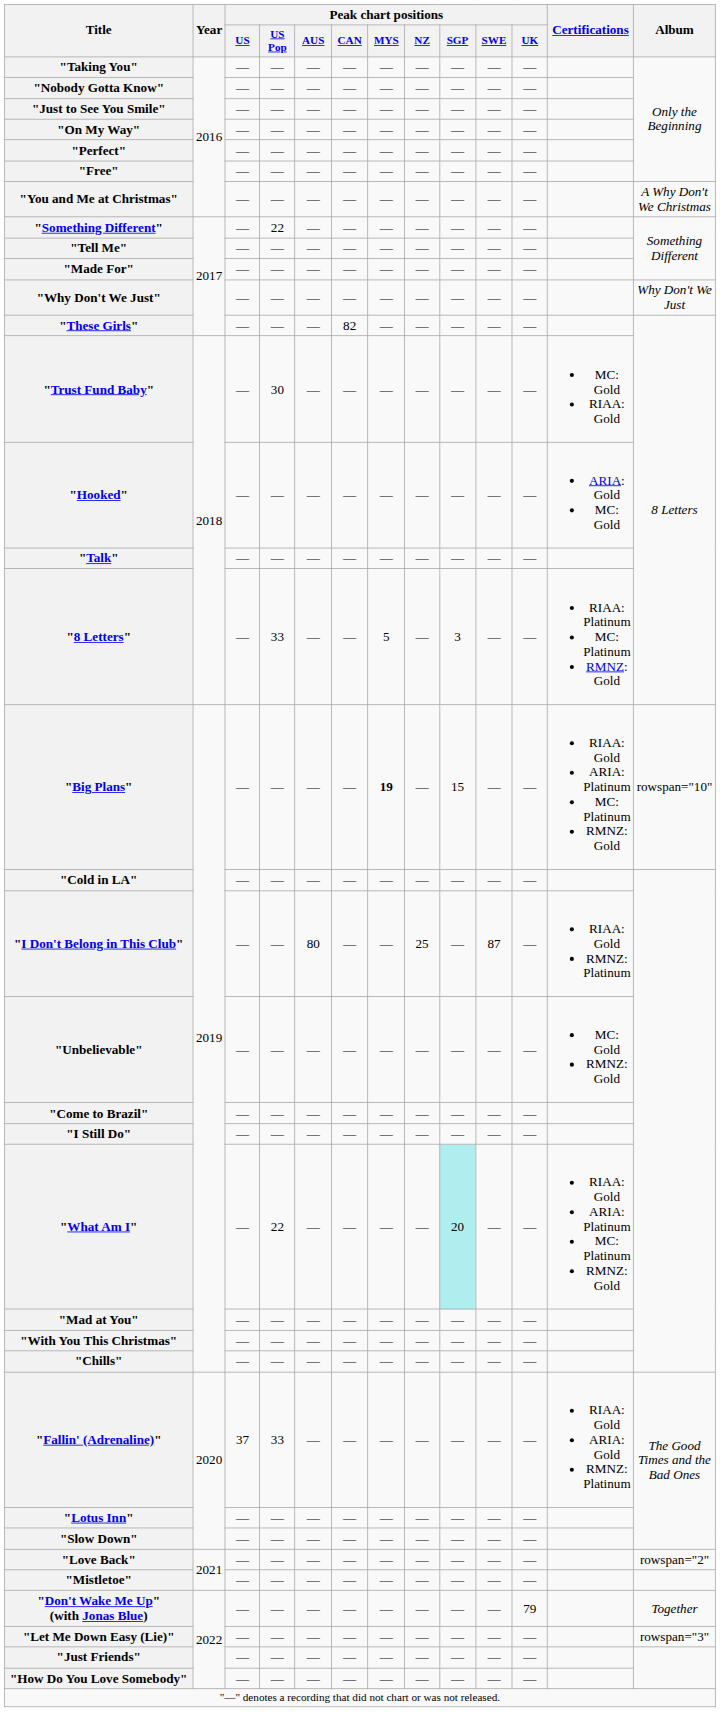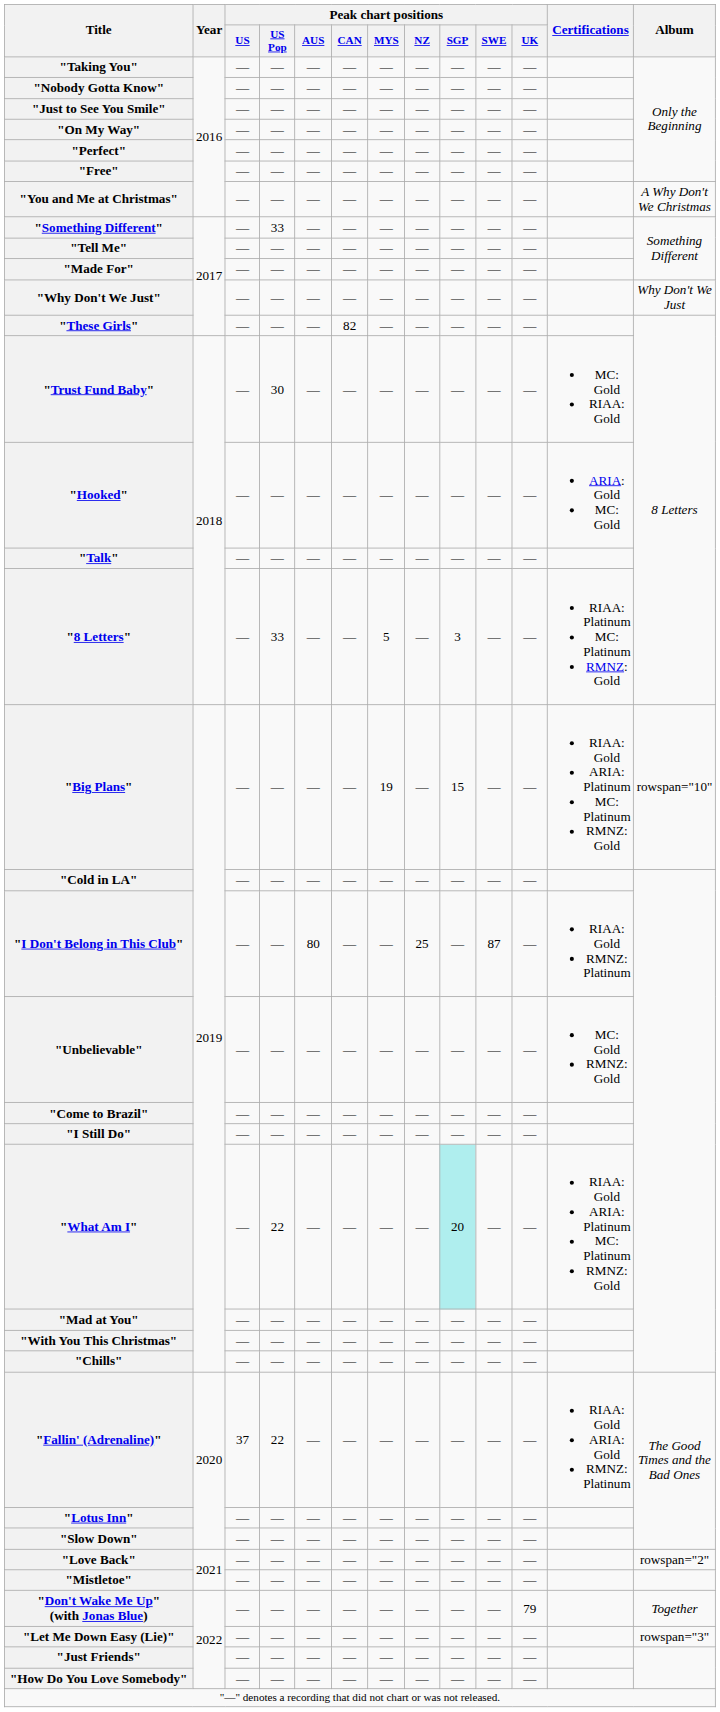 <table class="wikitable plainrowheaders" style="text-align:center;">
 <tr>
 <th scope="col" rowspan="2" style="width:16em;">Title</th>
 <th scope="col" rowspan="2" style="width:1em;">Year</th>
 <th colspan="9" scope="col">Peak chart positions</th>
 <th scope="col" rowspan="2"><a href='#'>Certifications</a></th>
 <th scope="col" rowspan="2">Album</th>
 </tr>
 <tr>
 <th scope="col" style="width:3em;font-size:85%;"><a href='#'>US</a><br></th>
 <th scope="col" style="width:3em;font-size:85%;"><a href='#'>US<br>Pop</a><br></th>
 <th scope="col" style="width:3em;font-size:85%;"><a href='#'>AUS</a><br></th>
 <th scope="col" style="width:3em;font-size:85%;"><a href='#'>CAN</a><br></th>
 <th scope="col" style="width:3em;font-size:85%;"><a href='#'>MYS</a><br></th>
 <th scope="col" style="width:3em;font-size:85%;"><a href='#'>NZ</a><br></th>
 <th scope="col" style="width:3em;font-size:85%;"><a href='#'>SGP</a><br></th>
 <th scope="col" style="width:3em;font-size:85%;"><a href='#'>SWE</a><br></th>
 <th scope="col" style="width:3em;font-size:85%;"><a href='#'>UK</a><br></th>
 </tr>
 <tr>
 <th scope="row">"Taking You"</th>
 <td rowspan="7">2016</td>
 <td>—</td>
 <td>—</td>
 <td>—</td>
 <td>—</td>
 <td>—</td>
 <td>—</td>
 <td>—</td>
 <td>—</td>
 <td>—</td>
 <td></td>
 <td rowspan="6"><em>Only the Beginning</em></td>
 </tr>
 <tr>
 <th scope="row">"Nobody Gotta Know"</th>
 <td>—</td>
 <td>—</td>
 <td>—</td>
 <td>—</td>
 <td>—</td>
 <td>—</td>
 <td>—</td>
 <td>—</td>
 <td>—</td>
 <td></td>
 </tr>
 <tr>
 <th scope="row">"Just to See You Smile"</th>
 <td>—</td>
 <td>—</td>
 <td>—</td>
 <td>—</td>
 <td>—</td>
 <td>—</td>
 <td>—</td>
 <td>—</td>
 <td>—</td>
 <td></td>
 </tr>
 <tr>
 <th scope="row">"On My Way"</th>
 <td>—</td>
 <td>—</td>
 <td>—</td>
 <td>—</td>
 <td>—</td>
 <td>—</td>
 <td>—</td>
 <td>—</td>
 <td>—</td>
 <td></td>
 </tr>
 <tr>
 <th scope="row">"Perfect"</th>
 <td>—</td>
 <td>—</td>
 <td>—</td>
 <td>—</td>
 <td>—</td>
 <td>—</td>
 <td>—</td>
 <td>—</td>
 <td>—</td>
 <td></td>
 </tr>
 <tr>
 <th scope="row">"Free"</th>
 <td>—</td>
 <td>—</td>
 <td>—</td>
 <td>—</td>
 <td>—</td>
 <td>—</td>
 <td>—</td>
 <td>—</td>
 <td>—</td>
 <td></td>
 </tr>
 <tr>
 <th scope="row">"You and Me at Christmas"</th>
 <td>—</td>
 <td>—</td>
 <td>—</td>
 <td>—</td>
 <td>—</td>
 <td>—</td>
 <td>—</td>
 <td>—</td>
 <td>—</td>
 <td></td>
 <td><em>A Why Don't We Christmas</em></td>
 </tr>
 <tr>
 <th scope="row">"<a href='#'>Something Different</a>"</th>
 <td rowspan="5">2017</td>
 <td>—</td>
-<td>22</td>
+<td>33</td>
 <td>—</td>
 <td>—</td>
 <td>—</td>
 <td>—</td>
 <td>—</td>
 <td>—</td>
 <td>—</td>
 <td></td>
 <td rowspan="3"><em>Something Different</em></td>
 </tr>
 <tr>
 <th scope="row">"Tell Me"</th>
 <td>—</td>
 <td>—</td>
 <td>—</td>
 <td>—</td>
 <td>—</td>
 <td>—</td>
 <td>—</td>
 <td>—</td>
 <td>—</td>
 <td></td>
 </tr>
 <tr>
 <th scope="row">"Made For"</th>
 <td>—</td>
 <td>—</td>
 <td>—</td>
 <td>—</td>
 <td>—</td>
 <td>—</td>
 <td>—</td>
 <td>—</td>
 <td>—</td>
 <td></td>
 </tr>
 <tr>
 <th scope="row">"Why Don't We Just"</th>
 <td>—</td>
 <td>—</td>
 <td>—</td>
 <td>—</td>
 <td>—</td>
 <td>—</td>
 <td>—</td>
 <td>—</td>
 <td>—</td>
 <td></td>
 <td><em>Why Don't We Just</em></td>
 </tr>
 <tr>
 <th scope="row">"<a href='#'>These Girls</a>"</th>
 <td>—</td>
 <td>—</td>
 <td>—</td>
 <td>82</td>
 <td>—</td>
 <td>—</td>
 <td>—</td>
 <td>—</td>
 <td>—</td>
 <td></td>
 <td rowspan="5"><em>8 Letters</em></td>
 </tr>
 <tr>
 <th scope="row">"<a href='#'>Trust Fund Baby</a>"</th>
 <td rowspan="4">2018</td>
 <td>—</td>
 <td>30</td>
 <td>—</td>
 <td>—</td>
 <td>—</td>
 <td>—</td>
 <td>—</td>
 <td>—</td>
 <td>—</td>
 <td><br><ul><li>MC: Gold</li><li>RIAA: Gold</li></ul></td>
 </tr>
 <tr>
 <th scope="row">"<a href='#'>Hooked</a>"</th>
 <td>—</td>
 <td>—</td>
 <td>—</td>
 <td>—</td>
 <td>—</td>
 <td>—</td>
 <td>—</td>
 <td>—</td>
 <td>—</td>
 <td><br><ul><li><a href='#'>ARIA</a>: Gold</li><li>MC: Gold</li></ul></td>
 </tr>
 <tr>
 <th scope="row">"<a href='#'>Talk</a>"</th>
 <td>—</td>
 <td>—</td>
 <td>—</td>
 <td>—</td>
 <td>—</td>
 <td>—</td>
 <td>—</td>
 <td>—</td>
 <td>—</td>
 <td></td>
 </tr>
 <tr>
 <th scope="row">"<a href='#'>8 Letters</a>"</th>
 <td>—</td>
 <td>33</td>
 <td>—</td>
 <td>—</td>
 <td>5</td>
 <td>—</td>
 <td>3</td>
 <td>—</td>
 <td>—</td>
 <td><br><ul><li>RIAA: Platinum</li><li>MC: Platinum</li><li><a href='#'>RMNZ</a>: Gold</li></ul></td>
 </tr>
 <tr>
 <th scope="row">"<a href='#'>Big Plans</a>"</th>
 <td rowspan="10">2019</td>
 <td>—</td>
 <td>—</td>
 <td>—</td>
 <td>—</td>
-<td><strong>19</strong></td>
+<td>19</td>
 <td>—</td>
 <td>15</td>
 <td>—</td>
 <td>—</td>
 <td><br><ul><li>RIAA: Gold</li><li>ARIA: Platinum</li><li>MC: Platinum</li><li>RMNZ: Gold</li></ul></td>
 <td>rowspan="10" </td>
 </tr>
 <tr>
 <th scope="row">"Cold in LA"</th>
 <td>—</td>
 <td>—</td>
 <td>—</td>
 <td>—</td>
 <td>—</td>
 <td>—</td>
 <td>—</td>
 <td>—</td>
 <td>—</td>
 <td></td>
 </tr>
 <tr>
 <th scope="row">"<a href='#'>I Don't Belong in This Club</a>"<br></th>
 <td>—</td>
 <td>—</td>
 <td>80</td>
 <td>—</td>
 <td>—</td>
 <td>25</td>
 <td>—</td>
 <td>87</td>
 <td>—</td>
 <td><br><ul><li>RIAA: Gold</li><li>RMNZ: Platinum</li></ul></td>
 </tr>
 <tr>
 <th scope="row">"Unbelievable"</th>
 <td>—</td>
 <td>—</td>
 <td>—</td>
 <td>—</td>
 <td>—</td>
 <td>—</td>
 <td>—</td>
 <td>—</td>
 <td>—</td>
 <td><br><ul><li>MC: Gold</li><li>RMNZ: Gold</li></ul></td>
 </tr>
 <tr>
 <th scope="row">"Come to Brazil"</th>
 <td>—</td>
 <td>—</td>
 <td>—</td>
 <td>—</td>
 <td>—</td>
 <td>—</td>
 <td>—</td>
 <td>—</td>
 <td>—</td>
 <td></td>
 </tr>
 <tr>
 <th scope="row">"I Still Do"</th>
 <td>—</td>
 <td>—</td>
 <td>—</td>
 <td>—</td>
 <td>—</td>
 <td>—</td>
 <td>—</td>
 <td>—</td>
 <td>—</td>
 <td></td>
 </tr>
 <tr>
 <th scope="row">"<a href='#'>What Am I</a>"</th>
 <td>—</td>
 <td>22</td>
 <td>—</td>
 <td>—</td>
 <td>—</td>
 <td>—</td>
 <td style="background: paleturquoise;">20</td>
 <td>—</td>
 <td>—</td>
 <td><br><ul><li>RIAA: Gold</li><li>ARIA: Platinum</li><li>MC: Platinum</li><li>RMNZ: Gold</li></ul></td>
 </tr>
 <tr>
 <th scope="row">"Mad at You"</th>
 <td>—</td>
 <td>—</td>
 <td>—</td>
 <td>—</td>
 <td>—</td>
 <td>—</td>
 <td>—</td>
 <td>—</td>
 <td>—</td>
 <td></td>
 </tr>
 <tr>
 <th scope="row">"With You This Christmas"</th>
 <td>—</td>
 <td>—</td>
 <td>—</td>
 <td>—</td>
 <td>—</td>
 <td>—</td>
 <td>—</td>
 <td>—</td>
 <td>—</td>
 <td></td>
 </tr>
 <tr>
 <th scope="row">"Chills"</th>
 <td>—</td>
 <td>—</td>
 <td>—</td>
 <td>—</td>
 <td>—</td>
 <td>—</td>
 <td>—</td>
 <td>—</td>
 <td>—</td>
 <td></td>
 </tr>
 <tr>
 <th scope="row">"<a href='#'>Fallin' (Adrenaline)</a>"</th>
 <td rowspan="3">2020</td>
 <td>37</td>
-<td>33</td>
+<td>22</td>
 <td>—</td>
 <td>—</td>
 <td>—</td>
 <td>—</td>
 <td>—</td>
 <td>—</td>
 <td>—</td>
 <td><br><ul><li>RIAA: Gold</li><li>ARIA: Gold</li><li>RMNZ: Platinum</li></ul></td>
 <td rowspan="3"><em>The Good Times and the Bad Ones</em></td>
 </tr>
 <tr>
 <th scope="row">"<a href='#'>Lotus Inn</a>"</th>
 <td>—</td>
 <td>—</td>
 <td>—</td>
 <td>—</td>
 <td>—</td>
 <td>—</td>
 <td>—</td>
 <td>—</td>
 <td>—</td>
 <td></td>
 </tr>
 <tr>
 <th scope="row">"Slow Down"</th>
 <td>—</td>
 <td>—</td>
 <td>—</td>
 <td>—</td>
 <td>—</td>
 <td>—</td>
 <td>—</td>
 <td>—</td>
 <td>—</td>
 <td></td>
 </tr>
 <tr>
 <th scope="row">"Love Back"</th>
 <td rowspan="2">2021</td>
 <td>—</td>
 <td>—</td>
 <td>—</td>
 <td>—</td>
 <td>—</td>
 <td>—</td>
 <td>—</td>
 <td>—</td>
 <td>—</td>
 <td></td>
 <td>rowspan="2" </td>
 </tr>
 <tr>
 <th scope="row">"Mistletoe"</th>
 <td>—</td>
 <td>—</td>
 <td>—</td>
 <td>—</td>
 <td>—</td>
 <td>—</td>
 <td>—</td>
 <td>—</td>
 <td>—</td>
 <td></td>
 </tr>
 <tr>
 <th scope="row">"<a href='#'>Don't Wake Me Up</a>"<br><span>(with <a href='#'>Jonas Blue</a>)</span></th>
 <td rowspan="4">2022</td>
 <td>—</td>
 <td>—</td>
 <td>—</td>
 <td>—</td>
 <td>—</td>
 <td>—</td>
 <td>—</td>
 <td>—</td>
 <td>79</td>
 <td></td>
 <td><em>Together</em></td>
 </tr>
 <tr>
 <th scope="row">"Let Me Down Easy (Lie)"</th>
 <td>—</td>
 <td>—</td>
 <td>—</td>
 <td>—</td>
 <td>—</td>
 <td>—</td>
 <td>—</td>
 <td>—</td>
 <td>—</td>
 <td></td>
 <td>rowspan="3" </td>
 </tr>
 <tr>
 <th scope="row">"Just Friends"</th>
 <td>—</td>
 <td>—</td>
 <td>—</td>
 <td>—</td>
 <td>—</td>
 <td>—</td>
 <td>—</td>
 <td>—</td>
 <td>—</td>
 <td></td>
 </tr>
 <tr>
 <th scope="row">"How Do You Love Somebody"</th>
 <td>—</td>
 <td>—</td>
 <td>—</td>
 <td>—</td>
 <td>—</td>
 <td>—</td>
 <td>—</td>
 <td>—</td>
 <td>—</td>
 <td></td>
 </tr>
 <tr>
 <td colspan="13" style="font-size:85%">"—" denotes a recording that did not chart or was not released.</td>
 </tr>
 </table>
